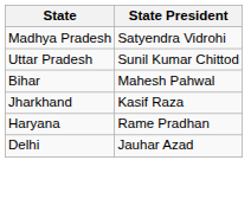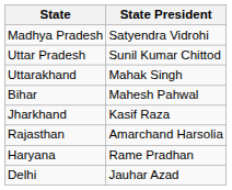 <table class="wikitable">
 <tr>
 <th Style="background-color:">State</th>
 <th Style="background-color:">State President</th>
 </tr>
 <tr>
 <td>Madhya Pradesh</td>
 <td>Satyendra Vidrohi</td>
 </tr>
 <tr>
 <td>Uttar Pradesh</td>
 <td>Sunil Kumar Chittod</td>
 </tr>
 <tr>
+<td>Uttarakhand</td>
+<td>Mahak Singh</td>
+</tr>
+<tr>
 <td>Bihar</td>
 <td>Mahesh Pahwal</td>
 </tr>
 <tr>
 <td>Jharkhand</td>
 <td>Kasif Raza</td>
+</tr>
+<tr>
+<td>Rajasthan</td>
+<td>Amarchand Harsolia</td>
 </tr>
 <tr>
 <td>Haryana</td>
 <td>Rame Pradhan</td>
 </tr>
 <tr>
 <td>Delhi</td>
 <td>Jauhar Azad</td>
 </tr>
 </table>
